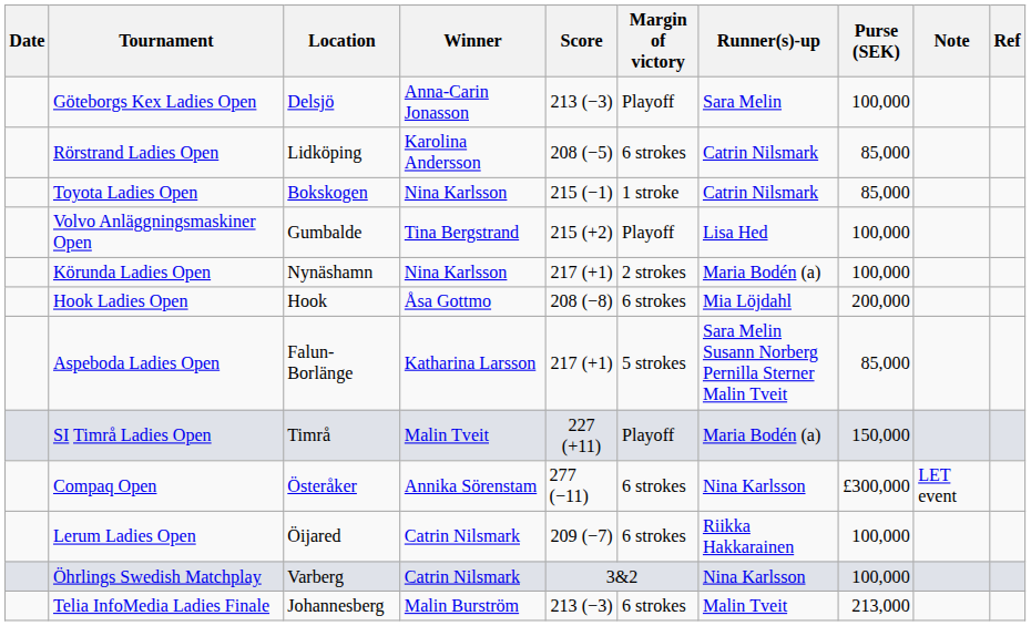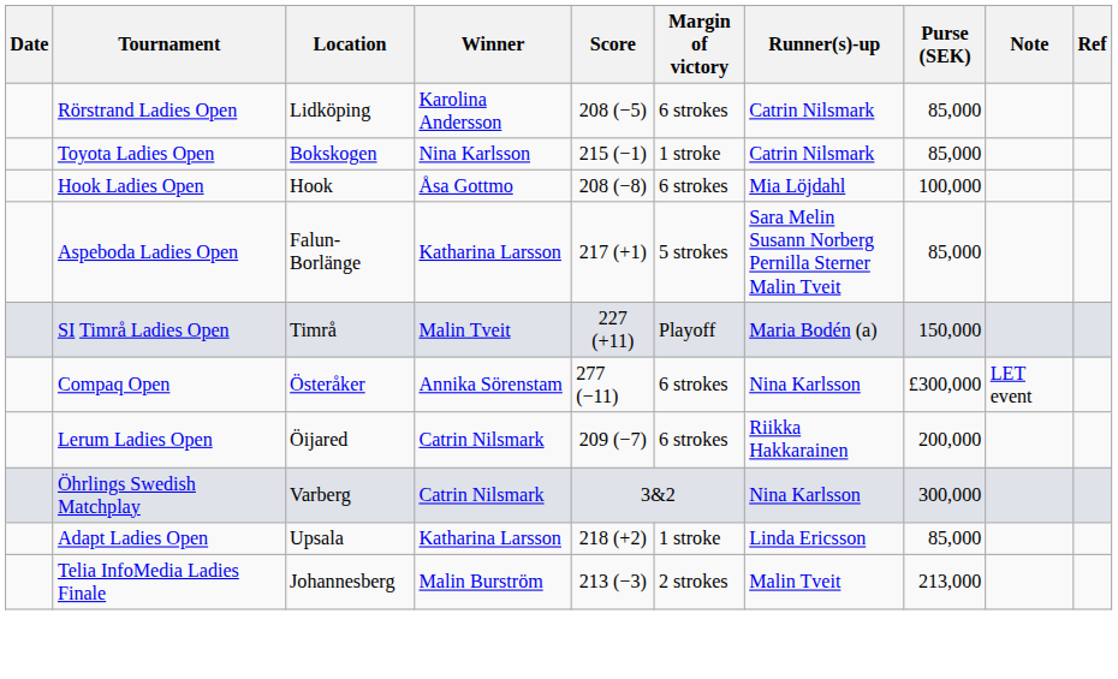 <table class="wikitable" style="font-size:95%;">
 <tr>
 <th>Date</th>
 <th>Tournament</th>
 <th>Location</th>
 <th>Winner</th>
 <th>Score</th>
 <th>Margin of<br>victory</th>
 <th>Runner(s)-up</th>
 <th>Purse<br>(SEK)</th>
 <th>Note</th>
 <th>Ref</th>
-</tr>
-<tr>
-<td></td>
-<td><a href='#'>Göteborgs Kex Ladies Open</a></td>
-<td><a href='#'>Delsjö</a></td>
-<td> <a href='#'>Anna-Carin Jonasson</a></td>
-<td align=center>213 (−3)</td>
-<td>Playoff</td>
-<td> <a href='#'>Sara Melin</a></td>
-<td align=right>100,000</td>
-<td></td>
-<td></td>
 </tr>
 <tr>
 <td></td>
 <td><a href='#'>Rörstrand Ladies Open</a></td>
 <td>Lidköping</td>
 <td> <a href='#'>Karolina Andersson</a></td>
 <td align=center>208 (−5)</td>
 <td>6 strokes</td>
 <td> <a href='#'>Catrin Nilsmark</a></td>
 <td align=right>85,000</td>
 <td></td>
 <td></td>
 </tr>
 <tr>
 <td></td>
 <td><a href='#'>Toyota Ladies Open</a></td>
 <td><a href='#'>Bokskogen</a></td>
 <td> <a href='#'>Nina Karlsson</a></td>
 <td align=center>215 (−1)</td>
 <td>1 stroke</td>
 <td> <a href='#'>Catrin Nilsmark</a></td>
 <td align=right>85,000</td>
 <td></td>
 <td></td>
 </tr>
 <tr>
 <td></td>
-<td><a href='#'>Volvo Anläggningsmaskiner Open</a></td>
-<td>Gumbalde</td>
-<td> <a href='#'>Tina Bergstrand</a></td>
-<td align=center>215 (+2)</td>
-<td>Playoff</td>
-<td> <a href='#'>Lisa Hed</a></td>
-<td align=right>100,000</td>
-<td></td>
-<td></td>
-</tr>
-<tr>
-<td></td>
-<td><a href='#'>Körunda Ladies Open</a></td>
-<td>Nynäshamn</td>
-<td> <a href='#'>Nina Karlsson</a></td>
-<td align=center>217 (+1)</td>
-<td>2 strokes</td>
-<td> <a href='#'>Maria Bodén</a> (a)</td>
-<td align=right>100,000</td>
-<td></td>
-<td></td>
-</tr>
-<tr>
-<td></td>
 <td><a href='#'>Hook Ladies Open</a></td>
 <td>Hook</td>
 <td> <a href='#'>Åsa Gottmo</a></td>
 <td align=center>208 (−8)</td>
 <td>6 strokes</td>
 <td> <a href='#'>Mia Löjdahl</a></td>
-<td align=right>200,000</td>
+<td align=right>100,000</td>
 <td></td>
 <td></td>
 </tr>
 <tr>
 <td></td>
 <td><a href='#'>Aspeboda Ladies Open</a></td>
 <td>Falun-Borlänge</td>
 <td> <a href='#'>Katharina Larsson</a></td>
 <td align=center>217 (+1)</td>
 <td>5 strokes</td>
 <td> <a href='#'>Sara Melin</a><br> <a href='#'>Susann Norberg</a><br> <a href='#'>Pernilla Sterner</a><br> <a href='#'>Malin Tveit</a></td>
 <td align=right>85,000</td>
 <td></td>
 <td></td>
 </tr>
 <tr style="background:#dfe2e9;">
 <td></td>
 <td><a href='#'>SI</a> <a href='#'>Timrå Ladies Open</a></td>
 <td>Timrå</td>
 <td> <a href='#'>Malin Tveit</a></td>
 <td align=center>227 (+11)</td>
 <td>Playoff</td>
 <td> <a href='#'>Maria Bodén</a> (a)</td>
 <td align=right>150,000</td>
 <td></td>
 <td></td>
 </tr>
 <tr>
 <td></td>
 <td><a href='#'>Compaq Open</a></td>
 <td><a href='#'>Österåker</a></td>
 <td> <a href='#'>Annika Sörenstam</a></td>
 <td>277 (−11)</td>
 <td>6 strokes</td>
 <td> <a href='#'>Nina Karlsson</a></td>
 <td align=right>£300,000</td>
 <td><a href='#'>LET</a> event</td>
 <td></td>
 </tr>
 <tr>
 <td></td>
 <td><a href='#'>Lerum Ladies Open</a></td>
 <td>Öijared</td>
 <td> <a href='#'>Catrin Nilsmark</a></td>
 <td align=center>209 (−7)</td>
 <td>6 strokes</td>
 <td> <a href='#'>Riikka Hakkarainen</a></td>
-<td align=right>100,000</td>
+<td align=right>200,000</td>
 <td></td>
 <td></td>
 </tr>
 <tr style="background:#dfe2e9;">
 <td></td>
 <td><a href='#'>Öhrlings Swedish Matchplay</a></td>
 <td>Varberg</td>
 <td> <a href='#'>Catrin Nilsmark</a></td>
 <td colspan=2 align=center>3&2</td>
 <td> <a href='#'>Nina Karlsson</a></td>
-<td align=right>100,000</td>
+<td align=right>300,000</td>
+<td></td>
+<td></td>
+</tr>
+<tr>
+<td></td>
+<td><a href='#'>Adapt Ladies Open</a></td>
+<td>Upsala</td>
+<td> <a href='#'>Katharina Larsson</a></td>
+<td align=center>218 (+2)</td>
+<td>1 stroke</td>
+<td> <a href='#'>Linda Ericsson</a></td>
+<td align=right>85,000</td>
 <td></td>
 <td></td>
 </tr>
 <tr>
 <td></td>
 <td><a href='#'>Telia InfoMedia Ladies Finale</a></td>
 <td>Johannesberg</td>
 <td> <a href='#'>Malin Burström</a></td>
 <td align=center>213 (−3)</td>
-<td>6 strokes</td>
+<td>2 strokes</td>
 <td> <a href='#'>Malin Tveit</a></td>
 <td align=right>213,000</td>
 <td></td>
 <td></td>
 </tr>
 </table>
